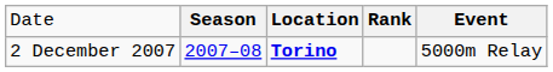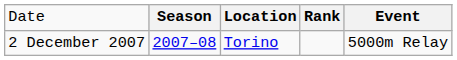 <table class="wikitable sortable" style="font-size:90%" style="text-align:center">
 <tr>
 <td>Date</td>
 <th>Season</th>
 <th>Location</th>
 <th>Rank</th>
 <th>Event</th>
 </tr>
 <tr>
 <td>2 December 2007</td>
 <td><a href='#'>2007–08</a></td>
-<td><strong><a href='#'>Torino</a></strong></td>
+<td><a href='#'>Torino</a></td>
 <td></td>
 <td>5000m Relay</td>
 </tr>
 </table>
